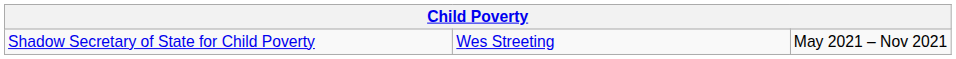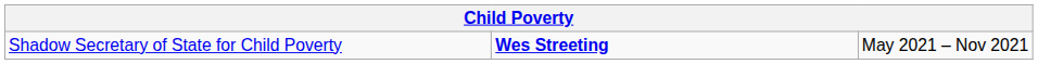 <table class="wikitable">
 <tr>
 <th colspan="4"><a href='#'>Child Poverty</a></th>
 </tr>
 <tr>
 <td style="width: 450px;"><a href='#'>Shadow Secretary of State for Child Poverty</a></td>
-<td style="width: 337px;"><a href='#'>Wes Streeting</a></td>
+<td style="width: 337px;"><strong><a href='#'>Wes Streeting</a></strong></td>
 <td>May 2021 – Nov 2021</td>
 </tr>
 </table>
